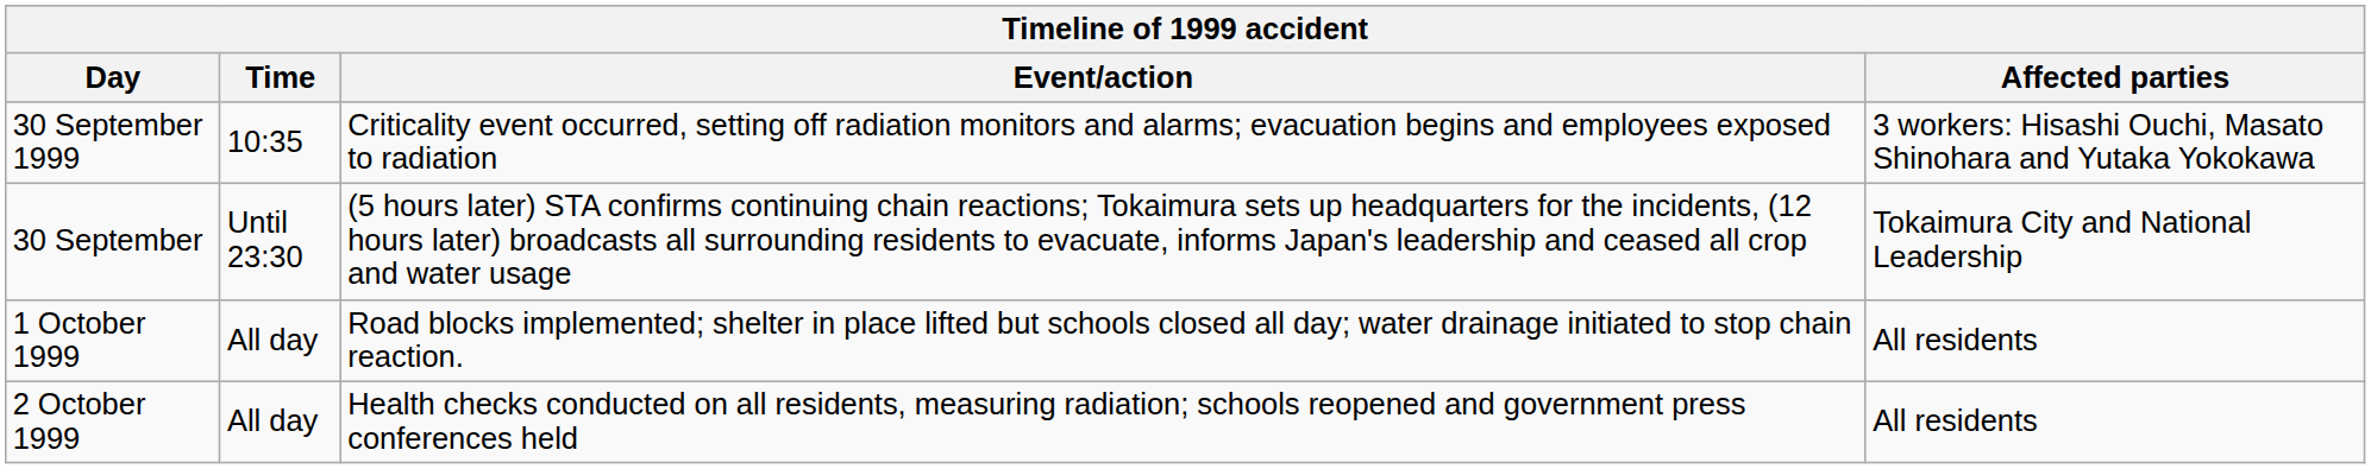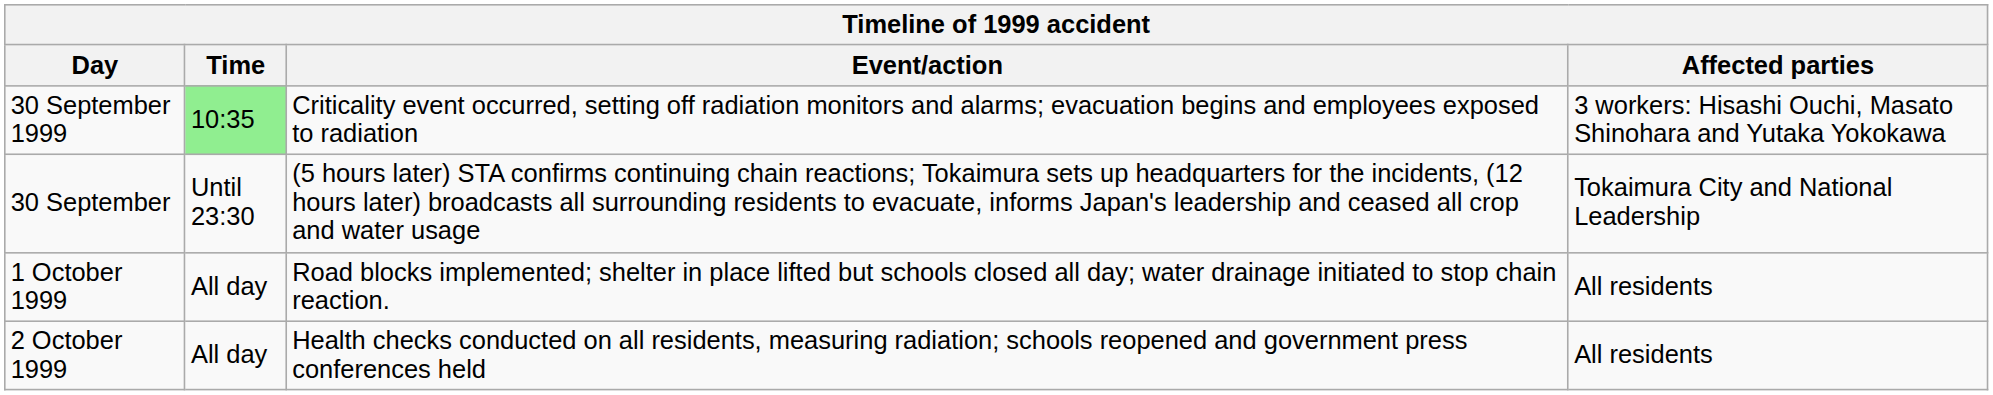 <table class="wikitable">
 <tr>
 <th colspan="4">Timeline of 1999 accident</th>
 </tr>
 <tr>
 <th>Day</th>
 <th>Time</th>
 <th>Event/action</th>
 <th>Affected parties</th>
 </tr>
 <tr>
 <td>30 September 1999</td>
-<td>10:35</td>
+<td style="background: lightgreen;">10:35</td>
 <td>Criticality event occurred, setting off radiation monitors and alarms; evacuation begins and employees exposed to radiation</td>
 <td>3 workers: Hisashi Ouchi, Masato Shinohara and Yutaka Yokokawa</td>
 </tr>
 <tr>
 <td>30 September</td>
 <td>Until 23:30</td>
 <td>(5 hours later) STA confirms continuing chain reactions; Tokaimura sets up headquarters for the incidents, (12 hours later) broadcasts all surrounding residents to evacuate, informs Japan's leadership and ceased all crop and water usage</td>
 <td>Tokaimura City and National Leadership</td>
 </tr>
 <tr>
 <td>1 October 1999</td>
 <td>All day</td>
 <td>Road blocks implemented; shelter in place lifted but schools closed all day; water drainage initiated to stop chain reaction.</td>
 <td>All residents</td>
 </tr>
 <tr>
 <td>2 October 1999</td>
 <td>All day</td>
 <td>Health checks conducted on all residents, measuring radiation; schools reopened and government press conferences held</td>
 <td>All residents</td>
 </tr>
 </table>
